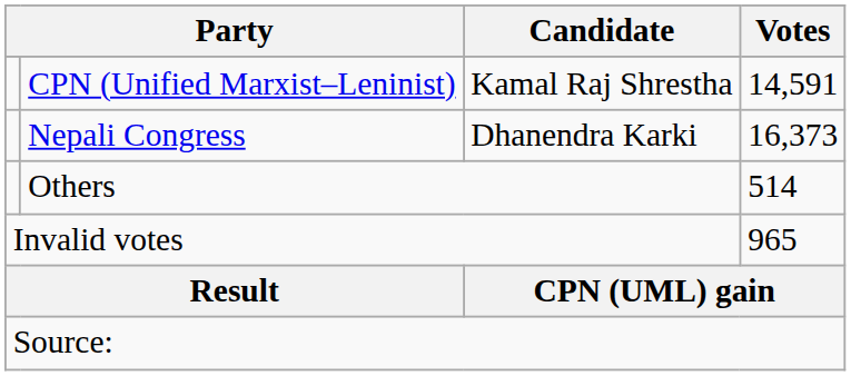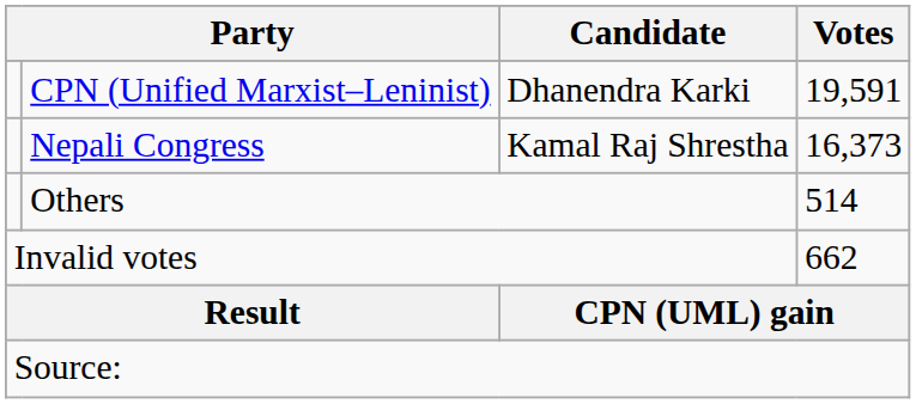 <table class="wikitable">
 <tr>
 <th colspan="2">Party</th>
 <th>Candidate</th>
 <th>Votes</th>
 </tr>
 <tr>
 <td style="background-color:"></td>
 <td><a href='#'>CPN (Unified Marxist–Leninist)</a></td>
-<td>Kamal Raj Shrestha</td>
-<td>14,591</td>
+<td>Dhanendra Karki</td>
+<td>19,591</td>
 </tr>
 <tr>
 <td style="background-color:"></td>
 <td><a href='#'>Nepali Congress</a></td>
-<td>Dhanendra Karki</td>
+<td>Kamal Raj Shrestha</td>
 <td>16,373</td>
 </tr>
 <tr>
 <td></td>
 <td colspan="2">Others</td>
 <td>514</td>
 </tr>
 <tr>
 <td colspan="3">Invalid votes</td>
-<td>965</td>
+<td>662</td>
 </tr>
 <tr>
 <th colspan="2">Result</th>
 <th colspan="2">CPN (UML) gain</th>
 </tr>
 <tr>
 <td colspan="4">Source: </td>
 </tr>
 </table>
